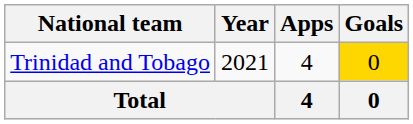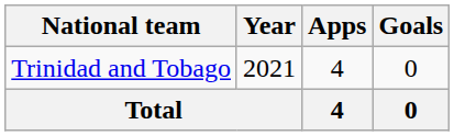 <table class="wikitable" style="text-align:center">
 <tr>
 <th>National team</th>
 <th>Year</th>
 <th>Apps</th>
 <th>Goals</th>
 </tr>
 <tr>
 <td rowspan="1"><a href='#'>Trinidad and Tobago</a></td>
 <td>2021</td>
 <td>4</td>
-<td style="background: gold;">0</td>
+<td>0</td>
 </tr>
 <tr>
 <th colspan=2>Total</th>
 <th>4</th>
 <th>0</th>
 </tr>
 </table>
